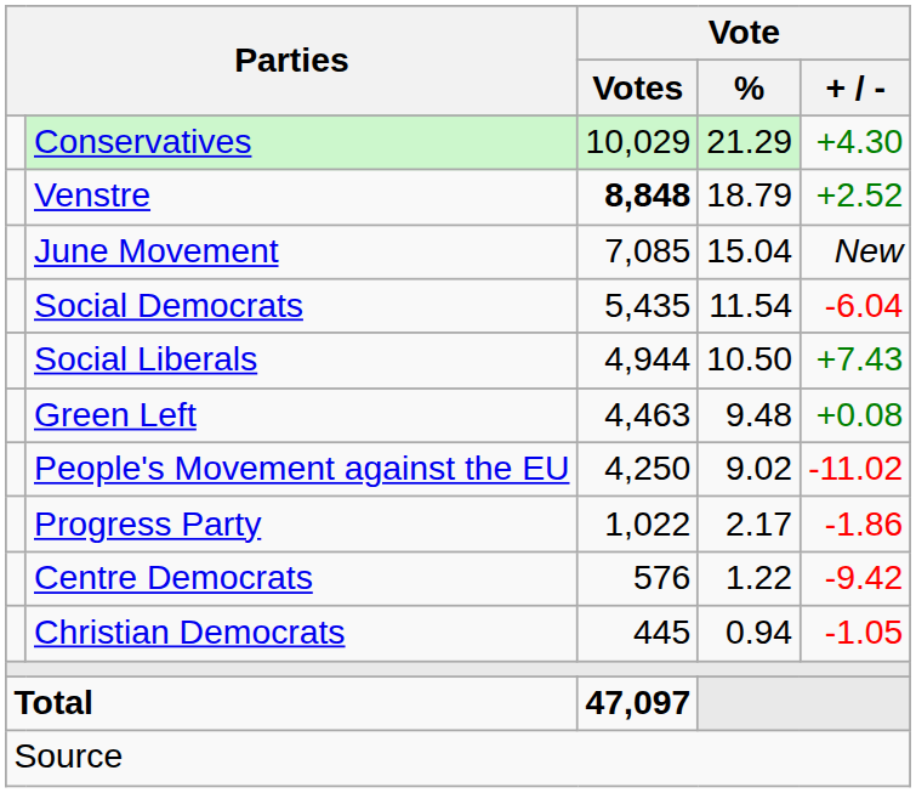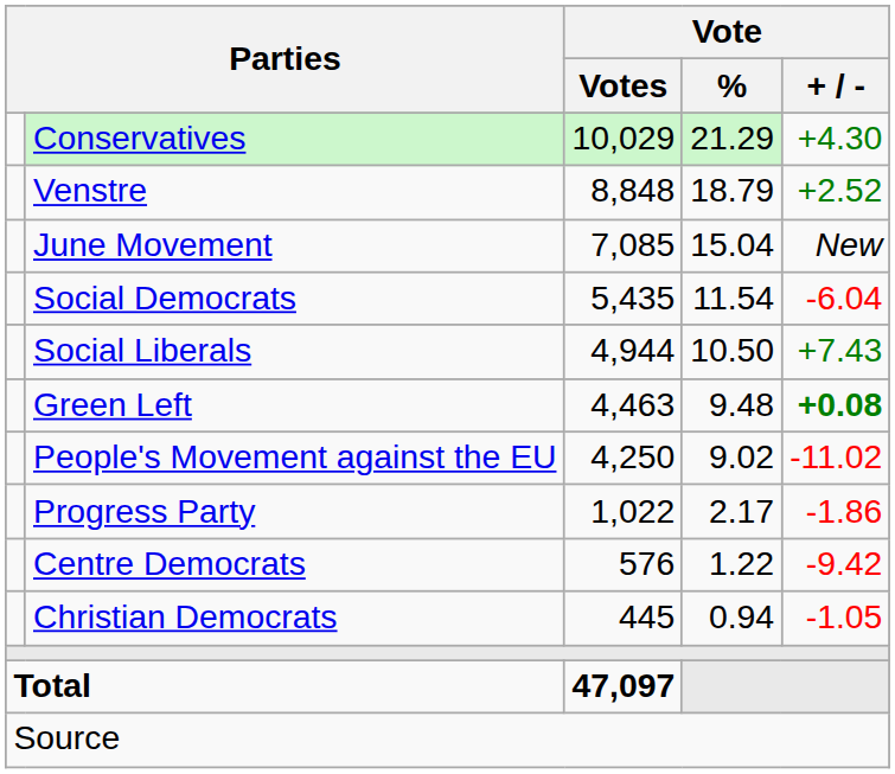 <table class="wikitable" style="text-align:right;">
 <tr>
 <th style="text-align:centre;" rowspan="2" colspan="2" width="225">Parties</th>
 <th colspan="3">Vote</th>
 </tr>
 <tr>
 <th width="15">Votes</th>
 <th width="15">%</th>
 <th width="15">+ / -</th>
 </tr>
 <tr>
 <td width="2" style="color:inherit;background:"></td>
 <td bgcolor=#ccf7cc   align="left"><a href='#'>Conservatives</a></td>
 <td bgcolor=#ccf7cc>10,029</td>
 <td bgcolor=#ccf7cc>21.29</td>
 <td style=color:green;>+4.30</td>
 </tr>
 <tr>
 <td width="2" style="color:inherit;background:"></td>
 <td align="left"><a href='#'>Venstre</a></td>
-<td><strong>8,848</strong></td>
+<td>8,848</td>
 <td>18.79</td>
 <td style=color:green;>+2.52</td>
 </tr>
 <tr>
 <td width="2" style="color:inherit;background:"></td>
 <td align="left"><a href='#'>June Movement</a></td>
 <td>7,085</td>
 <td>15.04</td>
 <td><em>New</em></td>
 </tr>
 <tr>
 <td width="2" style="color:inherit;background:"></td>
 <td align="left"><a href='#'>Social Democrats</a></td>
 <td>5,435</td>
 <td>11.54</td>
 <td style=color:red;>-6.04</td>
 </tr>
 <tr>
 <td width="2" style="color:inherit;background:"></td>
 <td align="left"><a href='#'>Social Liberals</a></td>
 <td>4,944</td>
 <td>10.50</td>
 <td style=color:green;>+7.43</td>
 </tr>
 <tr>
 <td width="2" style="color:inherit;background:"></td>
 <td align="left"><a href='#'>Green Left</a></td>
 <td>4,463</td>
 <td>9.48</td>
-<td style=color:green;>+0.08</td>
+<td style=color:green;><strong>+0.08</strong></td>
 </tr>
 <tr>
 <td width="2" style="color:inherit;background:"></td>
 <td align="left"><a href='#'>People's Movement against the EU</a></td>
 <td>4,250</td>
 <td>9.02</td>
 <td style=color:red;>-11.02</td>
 </tr>
 <tr>
 <td width="2" style="color:inherit;background:"></td>
 <td align="left"><a href='#'>Progress Party</a></td>
 <td>1,022</td>
 <td>2.17</td>
 <td style=color:red;>-1.86</td>
 </tr>
 <tr>
 <td width="2" style="color:inherit;background:"></td>
 <td align="left"><a href='#'>Centre Democrats</a></td>
 <td>576</td>
 <td>1.22</td>
 <td style=color:red;>-9.42</td>
 </tr>
 <tr>
 <td width="2" style="color:inherit;background:"></td>
 <td align="left"><a href='#'>Christian Democrats</a></td>
 <td>445</td>
 <td>0.94</td>
 <td style=color:red;>-1.05</td>
 </tr>
 <tr>
 <td colspan="7" bgcolor="#E9E9E9"></td>
 </tr>
 <tr>
 <td align="left" colspan="2"><strong>Total</strong></td>
 <td><strong>47,097</strong></td>
 <td bgcolor="#E9E9E9" colspan="2"></td>
 </tr>
 <tr>
 <td align="left" colspan="6">Source</td>
 </tr>
 </table>
